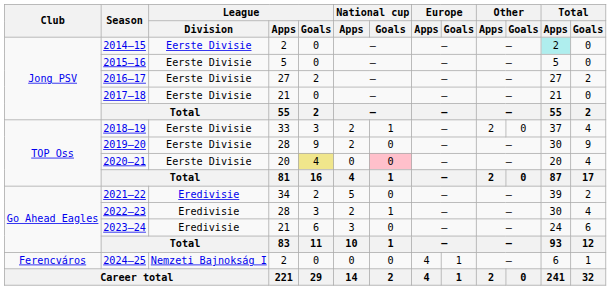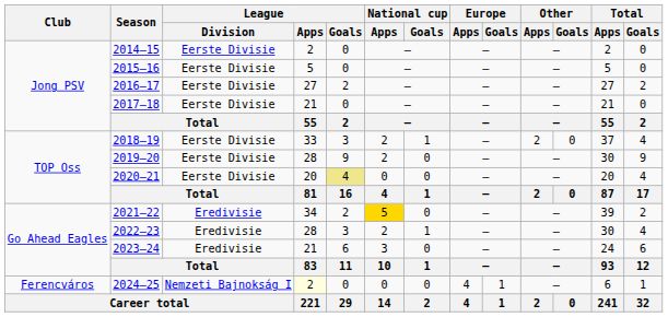 <table class="wikitable" style="text-align:center">
 <tr>
 <th rowspan="2">Club</th>
 <th rowspan="2">Season</th>
 <th colspan="3">League</th>
 <th colspan="2">National cup</th>
 <th colspan="2">Europe</th>
 <th colspan="2">Other</th>
 <th colspan="2">Total</th>
 </tr>
 <tr>
 <th>Division</th>
 <th>Apps</th>
 <th>Goals</th>
 <th>Apps</th>
 <th>Goals</th>
 <th>Apps</th>
 <th>Goals</th>
 <th>Apps</th>
 <th>Goals</th>
 <th>Apps</th>
 <th>Goals</th>
 </tr>
 <tr>
 <td rowspan="5"><a href='#'>Jong PSV</a></td>
 <td><a href='#'>2014–15</a></td>
 <td><a href='#'>Eerste Divisie</a></td>
 <td>2</td>
 <td>0</td>
 <td colspan="2">—</td>
 <td colspan="2">—</td>
 <td colspan="2">—</td>
-<td style="background: paleturquoise;">2</td>
+<td>2</td>
 <td>0</td>
 </tr>
 <tr>
 <td><a href='#'>2015–16</a></td>
 <td>Eerste Divisie</td>
 <td>5</td>
 <td>0</td>
 <td colspan="2">—</td>
 <td colspan="2">—</td>
 <td colspan="2">—</td>
 <td>5</td>
 <td>0</td>
 </tr>
 <tr>
 <td><a href='#'>2016–17</a></td>
 <td>Eerste Divisie</td>
 <td>27</td>
 <td>2</td>
 <td colspan="2">—</td>
 <td colspan="2">—</td>
 <td colspan="2">—</td>
 <td>27</td>
 <td>2</td>
 </tr>
 <tr>
 <td><a href='#'>2017–18</a></td>
 <td>Eerste Divisie</td>
 <td>21</td>
 <td>0</td>
 <td colspan="2">—</td>
 <td colspan="2">—</td>
 <td colspan="2">—</td>
 <td>21</td>
 <td>0</td>
 </tr>
 <tr>
 <th colspan="2">Total</th>
 <th>55</th>
 <th>2</th>
 <th colspan="2">—</th>
 <th colspan="2">—</th>
 <th colspan="2">—</th>
 <th>55</th>
 <th>2</th>
 </tr>
 <tr>
 <td rowspan="4"><a href='#'>TOP Oss</a></td>
 <td><a href='#'>2018–19</a></td>
 <td>Eerste Divisie</td>
 <td>33</td>
 <td>3</td>
 <td>2</td>
 <td>1</td>
 <td colspan="2">—</td>
 <td>2</td>
 <td>0</td>
 <td>37</td>
 <td>4</td>
 </tr>
 <tr>
 <td><a href='#'>2019–20</a></td>
 <td>Eerste Divisie</td>
 <td>28</td>
 <td>9</td>
 <td>2</td>
 <td>0</td>
 <td colspan="2">—</td>
 <td colspan="2">—</td>
 <td>30</td>
 <td>9</td>
 </tr>
 <tr>
 <td><a href='#'>2020–21</a></td>
 <td>Eerste Divisie</td>
 <td>20</td>
 <td style="background: khaki;">4</td>
 <td>0</td>
-<td style="background: pink;">0</td>
+<td>0</td>
 <td colspan="2">—</td>
 <td colspan="2">—</td>
 <td>20</td>
 <td>4</td>
 </tr>
 <tr>
 <th colspan="2">Total</th>
 <th>81</th>
 <th>16</th>
 <th>4</th>
 <th>1</th>
 <th colspan="2">—</th>
 <th>2</th>
 <th>0</th>
 <th>87</th>
 <th>17</th>
 </tr>
 <tr>
 <td rowspan="4"><a href='#'>Go Ahead Eagles</a></td>
 <td><a href='#'>2021–22</a></td>
 <td><a href='#'>Eredivisie</a></td>
 <td>34</td>
 <td>2</td>
-<td>5</td>
+<td style="background: gold;">5</td>
 <td>0</td>
 <td colspan="2">—</td>
 <td colspan="2">—</td>
 <td>39</td>
 <td>2</td>
 </tr>
 <tr>
 <td><a href='#'>2022–23</a></td>
 <td>Eredivisie</td>
 <td>28</td>
 <td>3</td>
 <td>2</td>
 <td>1</td>
 <td colspan="2">—</td>
 <td colspan="2">—</td>
 <td>30</td>
 <td>4</td>
 </tr>
 <tr>
 <td><a href='#'>2023–24</a></td>
 <td>Eredivisie</td>
 <td>21</td>
 <td>6</td>
 <td>3</td>
 <td>0</td>
 <td colspan="2">—</td>
 <td colspan="2">—</td>
 <td>24</td>
 <td>6</td>
 </tr>
 <tr>
 <th colspan="2">Total</th>
 <th>83</th>
 <th>11</th>
 <th>10</th>
 <th>1</th>
 <th colspan="2">—</th>
 <th colspan="2">—</th>
 <th>93</th>
 <th>12</th>
 </tr>
 <tr>
 <td rowspan="1"><a href='#'>Ferencváros</a></td>
 <td><a href='#'>2024–25</a></td>
 <td><a href='#'>Nemzeti Bajnokság I</a></td>
-<td>2</td>
+<td style="background: lightyellow;">2</td>
 <td>0</td>
 <td>0</td>
 <td>0</td>
 <td>4</td>
 <td>1</td>
 <td colspan="2">—</td>
 <td>6</td>
 <td>1</td>
 </tr>
 <tr>
 <th colspan="3">Career total</th>
 <th>221</th>
 <th>29</th>
 <th>14</th>
 <th>2</th>
 <th>4</th>
 <th>1</th>
 <th>2</th>
 <th>0</th>
 <th>241</th>
 <th>32</th>
 </tr>
 </table>
